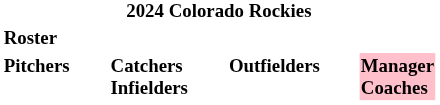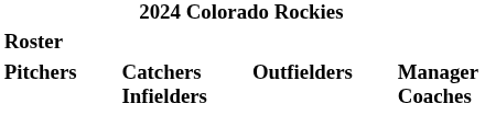 <table class="toccolours" style="font-size: 95%;">
 <tr>
 <th colspan="10">2024 Colorado Rockies</th>
 </tr>
 <tr>
 <td colspan="10"><strong>Roster</strong></td>
 </tr>
 <tr>
 <td valign="top"><strong>Pitchers</strong><br>                                </td>
 <td width="25px"></td>
 <td valign="top"><strong>Catchers</strong><br>   <strong>Infielders</strong>        </td>
 <td width="25px"></td>
 <td valign="top"><strong>Outfielders</strong><br>         </td>
 <td width="25px"></td>
-<td valign="top" style="background: pink;"><strong>Manager</strong><br> <strong>Coaches</strong>                    </td>
+<td valign="top"><strong>Manager</strong><br> <strong>Coaches</strong>                    </td>
 </tr>
 <tr>
 </tr>
 </table>
